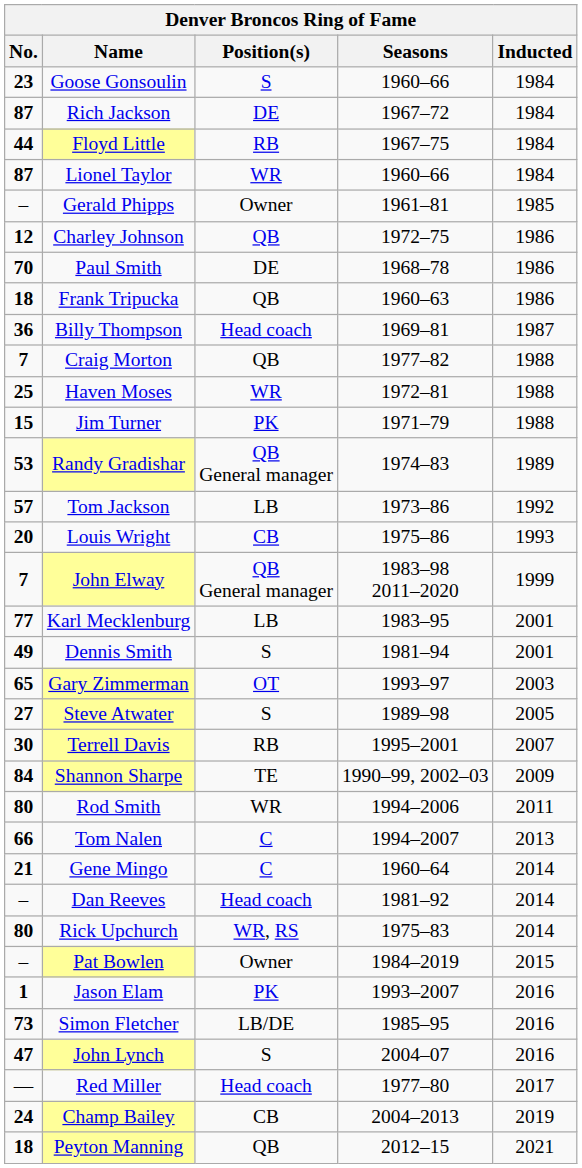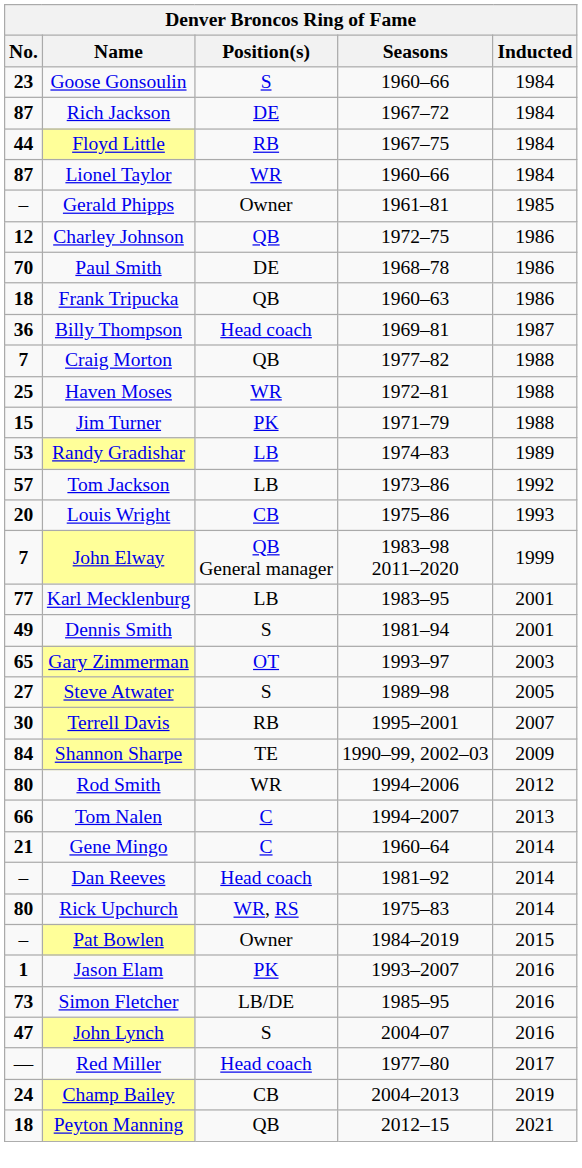 <table class="wikitable" style="text-align:center">
 <tr>
 <th colspan="5">Denver Broncos Ring of Fame</th>
 </tr>
 <tr>
 <th>No.</th>
 <th>Name</th>
 <th>Position(s)</th>
 <th>Seasons</th>
 <th>Inducted</th>
 </tr>
 <tr>
 <td><strong>23</strong></td>
 <td><a href='#'>Goose Gonsoulin</a></td>
 <td><a href='#'>S</a></td>
 <td>1960–66</td>
 <td>1984</td>
 </tr>
 <tr>
 <td><strong>87</strong></td>
 <td><a href='#'>Rich Jackson</a></td>
 <td><a href='#'>DE</a></td>
 <td>1967–72</td>
 <td>1984</td>
 </tr>
 <tr>
 <td><strong>44</strong></td>
 <td style="background:#ff9"><a href='#'>Floyd Little</a></td>
 <td><a href='#'>RB</a></td>
 <td>1967–75</td>
 <td>1984</td>
 </tr>
 <tr>
 <td><strong>87</strong></td>
 <td><a href='#'>Lionel Taylor</a></td>
 <td><a href='#'>WR</a></td>
 <td>1960–66</td>
 <td>1984</td>
 </tr>
 <tr>
 <td>–</td>
 <td><a href='#'>Gerald Phipps</a></td>
 <td>Owner</td>
 <td>1961–81</td>
 <td>1985</td>
 </tr>
 <tr>
 <td><strong>12</strong></td>
 <td><a href='#'>Charley Johnson</a></td>
 <td><a href='#'>QB</a></td>
 <td>1972–75</td>
 <td>1986</td>
 </tr>
 <tr>
 <td><strong>70</strong></td>
 <td><a href='#'>Paul Smith</a></td>
 <td>DE</td>
 <td>1968–78</td>
 <td>1986</td>
 </tr>
 <tr>
 <td><strong>18</strong></td>
 <td><a href='#'>Frank Tripucka</a></td>
 <td>QB</td>
 <td>1960–63</td>
 <td>1986</td>
 </tr>
 <tr>
 <td><strong>36</strong></td>
 <td><a href='#'>Billy Thompson</a></td>
 <td><a href='#'>Head coach</a></td>
 <td>1969–81</td>
 <td>1987</td>
 </tr>
 <tr>
 <td><strong>7</strong></td>
 <td><a href='#'>Craig Morton</a></td>
 <td>QB</td>
 <td>1977–82</td>
 <td>1988</td>
 </tr>
 <tr>
 <td><strong>25</strong></td>
 <td><a href='#'>Haven Moses</a></td>
 <td><a href='#'>WR</a></td>
 <td>1972–81</td>
 <td>1988</td>
 </tr>
 <tr>
 <td><strong>15</strong></td>
 <td><a href='#'>Jim Turner</a></td>
 <td><a href='#'>PK</a></td>
 <td>1971–79</td>
 <td>1988</td>
 </tr>
 <tr>
 <td><strong>53</strong></td>
 <td style="background:#ff9"><a href='#'>Randy Gradishar</a></td>
-<td><a href='#'>QB</a><br>General manager</td>
+<td><a href='#'>LB</a></td>
 <td>1974–83</td>
 <td>1989</td>
 </tr>
 <tr>
 <td><strong>57</strong></td>
 <td><a href='#'>Tom Jackson</a></td>
 <td>LB</td>
 <td>1973–86</td>
 <td>1992</td>
 </tr>
 <tr>
 <td><strong>20</strong></td>
 <td><a href='#'>Louis Wright</a></td>
 <td><a href='#'>CB</a></td>
 <td>1975–86</td>
 <td>1993</td>
 </tr>
 <tr>
 <td><strong>7</strong></td>
 <td style="background:#ff9"><a href='#'>John Elway</a></td>
 <td><a href='#'>QB</a><br>General manager</td>
 <td>1983–98<br>2011–2020</td>
 <td>1999</td>
 </tr>
 <tr>
 <td><strong>77</strong></td>
 <td><a href='#'>Karl Mecklenburg</a></td>
 <td>LB</td>
 <td>1983–95</td>
 <td>2001</td>
 </tr>
 <tr>
 <td><strong>49</strong></td>
 <td><a href='#'>Dennis Smith</a></td>
 <td>S</td>
 <td>1981–94</td>
 <td>2001</td>
 </tr>
 <tr>
 <td><strong>65</strong></td>
 <td style="background:#ff9"><a href='#'>Gary Zimmerman</a></td>
 <td><a href='#'>OT</a></td>
 <td>1993–97</td>
 <td>2003</td>
 </tr>
 <tr>
 <td><strong>27</strong></td>
 <td style="background:#ff9"><a href='#'>Steve Atwater</a></td>
 <td>S</td>
 <td>1989–98</td>
 <td>2005</td>
 </tr>
 <tr>
 <td><strong>30</strong></td>
 <td style="background:#ff9"><a href='#'>Terrell Davis</a></td>
 <td>RB</td>
 <td>1995–2001</td>
 <td>2007</td>
 </tr>
 <tr>
 <td><strong>84</strong></td>
 <td style="background:#ff9"><a href='#'>Shannon Sharpe</a></td>
 <td>TE</td>
 <td>1990–99, 2002–03</td>
 <td>2009</td>
 </tr>
 <tr>
 <td><strong>80</strong></td>
 <td><a href='#'>Rod Smith</a></td>
 <td>WR</td>
 <td>1994–2006</td>
-<td>2011 </td>
+<td>2012 </td>
 </tr>
 <tr>
 <td><strong>66</strong></td>
 <td><a href='#'>Tom Nalen</a></td>
 <td><a href='#'>C</a></td>
 <td>1994–2007</td>
 <td>2013</td>
 </tr>
 <tr>
 <td><strong>21</strong></td>
 <td><a href='#'>Gene Mingo</a></td>
 <td><a href='#'>C</a></td>
 <td>1960–64</td>
 <td>2014</td>
 </tr>
 <tr>
 <td>–</td>
 <td><a href='#'>Dan Reeves</a></td>
 <td><a href='#'>Head coach</a></td>
 <td>1981–92</td>
 <td>2014</td>
 </tr>
 <tr>
 <td><strong>80</strong></td>
 <td><a href='#'>Rick Upchurch</a></td>
 <td><a href='#'>WR</a>, <a href='#'>RS</a></td>
 <td>1975–83</td>
 <td>2014</td>
 </tr>
 <tr>
 <td>–</td>
 <td style="background:#ff9"><a href='#'>Pat Bowlen</a></td>
 <td>Owner</td>
 <td>1984–2019</td>
 <td>2015</td>
 </tr>
 <tr>
 <td><strong>1</strong></td>
 <td><a href='#'>Jason Elam</a></td>
 <td><a href='#'>PK</a></td>
 <td>1993–2007</td>
 <td>2016</td>
 </tr>
 <tr>
 <td><strong>73</strong></td>
 <td><a href='#'>Simon Fletcher</a></td>
 <td>LB/DE</td>
 <td>1985–95</td>
 <td>2016</td>
 </tr>
 <tr>
 <td><strong>47</strong></td>
 <td style="background:#ff9"><a href='#'>John Lynch</a></td>
 <td>S</td>
 <td>2004–07</td>
 <td>2016</td>
 </tr>
 <tr>
 <td>—</td>
 <td><a href='#'>Red Miller</a></td>
 <td><a href='#'>Head coach</a></td>
 <td>1977–80</td>
 <td>2017</td>
 </tr>
 <tr>
 <td><strong>24</strong></td>
 <td style="background:#ff9"><a href='#'>Champ Bailey</a></td>
 <td>CB</td>
 <td>2004–2013</td>
 <td>2019</td>
 </tr>
 <tr>
 <td><strong>18</strong></td>
 <td style="background:#ff9"><a href='#'>Peyton Manning</a></td>
 <td>QB</td>
 <td>2012–15</td>
 <td>2021</td>
 </tr>
 </table>
